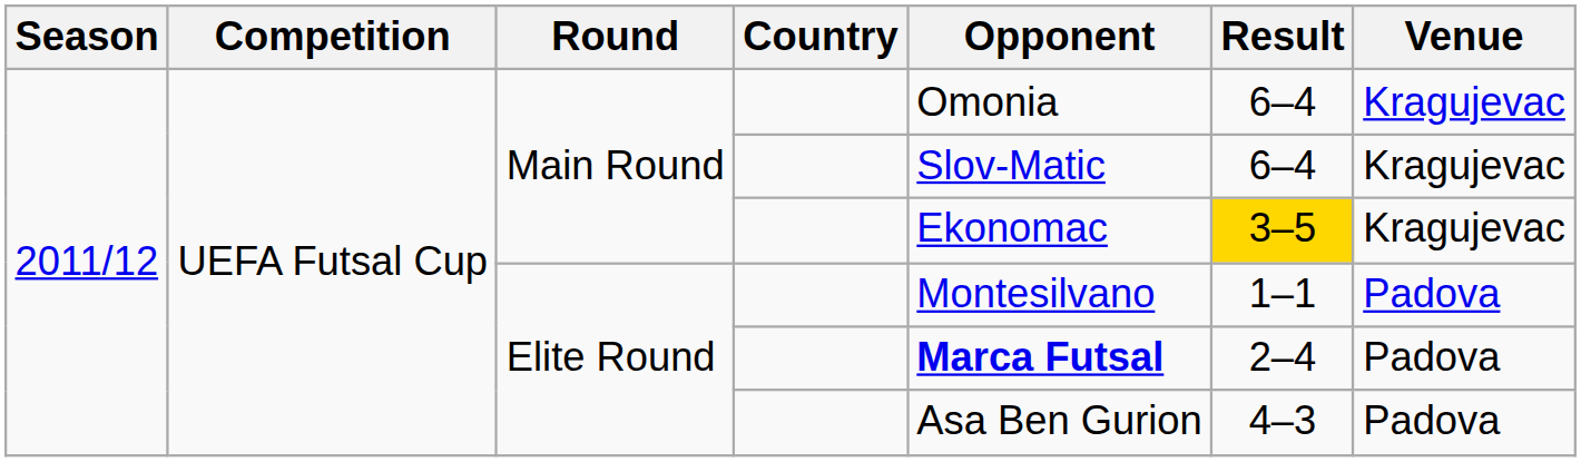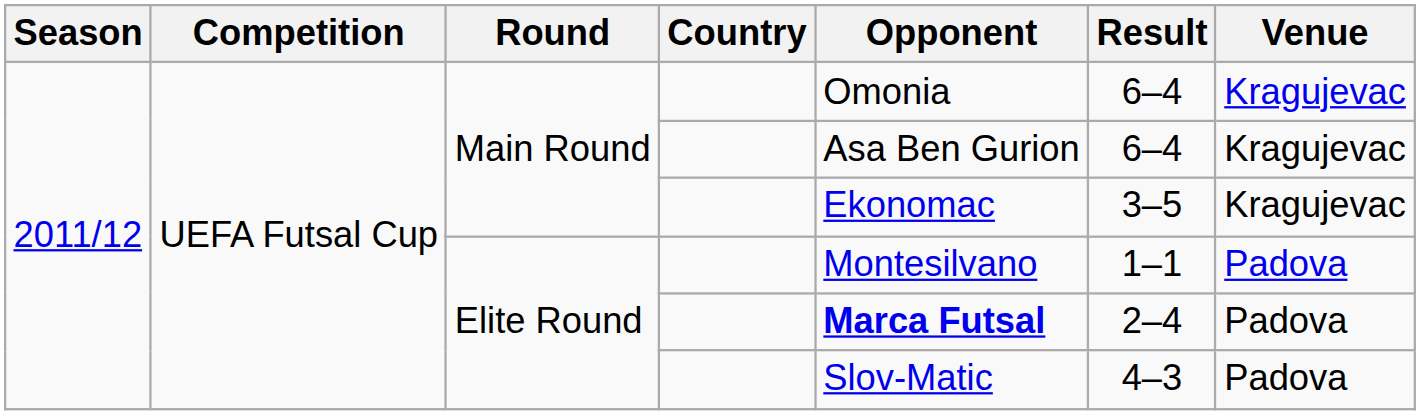 <table class="wikitable">
 <tr>
 <th>Season</th>
 <th>Competition</th>
 <th>Round</th>
 <th>Country</th>
 <th>Opponent</th>
 <th>Result</th>
 <th>Venue</th>
 </tr>
 <tr>
 <td rowspan=6><a href='#'>2011/12</a></td>
 <td rowspan=6 align=center>UEFA Futsal Cup</td>
 <td rowspan=3>Main Round</td>
 <td align=center></td>
 <td>Omonia</td>
 <td align=center>6–4</td>
 <td><a href='#'>Kragujevac</a></td>
 </tr>
 <tr>
 <td align=center></td>
-<td><a href='#'>Slov-Matic</a></td>
+<td>Asa Ben Gurion</td>
 <td align=center>6–4</td>
 <td>Kragujevac</td>
 </tr>
 <tr>
 <td align=center></td>
 <td><a href='#'>Ekonomac</a></td>
-<td align=center style="background: gold;">3–5</td>
+<td align=center>3–5</td>
 <td>Kragujevac</td>
 </tr>
 <tr>
 <td rowspan=3>Elite Round</td>
 <td align=center></td>
 <td><a href='#'>Montesilvano</a></td>
 <td align=center>1–1</td>
 <td><a href='#'>Padova</a></td>
 </tr>
 <tr>
 <td align=center></td>
 <td><strong><a href='#'>Marca Futsal</a></strong></td>
 <td align=center>2–4</td>
 <td>Padova</td>
 </tr>
 <tr>
 <td align=center></td>
-<td>Asa Ben Gurion</td>
+<td><a href='#'>Slov-Matic</a></td>
 <td align=center>4–3</td>
 <td>Padova</td>
 </tr>
 </table>
